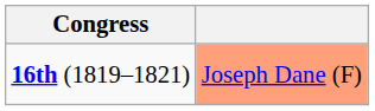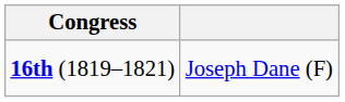 <table class=wikitable style="text-align:center">
 <tr>
 <th>Congress</th>
 <th></th>
 </tr>
 <tr style="height:2.5em">
 <td><strong><a href='#'>16th</a></strong> (1819–1821)</td>
-<td style="background: lightsalmon;"><a href='#'>Joseph Dane</a> (F)</td>
+<td><a href='#'>Joseph Dane</a> (F)</td>
 </tr>
 </table>
